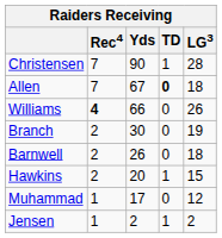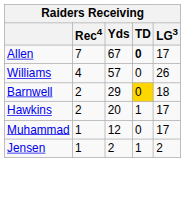 <table class="wikitable">
 <tr>
 <th colspan="5">Raiders Receiving</th>
 </tr>
 <tr>
 <th></th>
 <th>Rec<sup>4</sup></th>
 <th>Yds</th>
 <th>TD</th>
 <th>LG<sup>3</sup></th>
 </tr>
 <tr>
-<td><a href='#'>Christensen</a></td>
-<td>7</td>
-<td>90</td>
-<td>1</td>
-<td>28</td>
-</tr>
-<tr>
 <td><a href='#'>Allen</a></td>
 <td>7</td>
 <td>67</td>
 <td><strong>0</strong></td>
-<td>18</td>
+<td>17</td>
 </tr>
 <tr>
 <td><a href='#'>Williams</a></td>
-<td><strong>4</strong></td>
-<td>66</td>
+<td>4</td>
+<td>57</td>
 <td>0</td>
 <td>26</td>
 </tr>
 <tr>
-<td><a href='#'>Branch</a></td>
-<td>2</td>
-<td>30</td>
-<td>0</td>
-<td>19</td>
-</tr>
-<tr>
 <td><a href='#'>Barnwell</a></td>
 <td>2</td>
-<td>26</td>
-<td>0</td>
+<td>29</td>
+<td style="background: gold;">0</td>
 <td>18</td>
 </tr>
 <tr>
 <td><a href='#'>Hawkins</a></td>
 <td>2</td>
 <td>20</td>
 <td>1</td>
-<td>15</td>
+<td>17</td>
 </tr>
 <tr>
 <td><a href='#'>Muhammad</a></td>
 <td>1</td>
+<td>12</td>
+<td>0</td>
 <td>17</td>
-<td>0</td>
-<td>12</td>
 </tr>
 <tr>
 <td><a href='#'>Jensen</a></td>
 <td>1</td>
 <td>2</td>
 <td>1</td>
 <td>2</td>
 </tr>
 </table>
